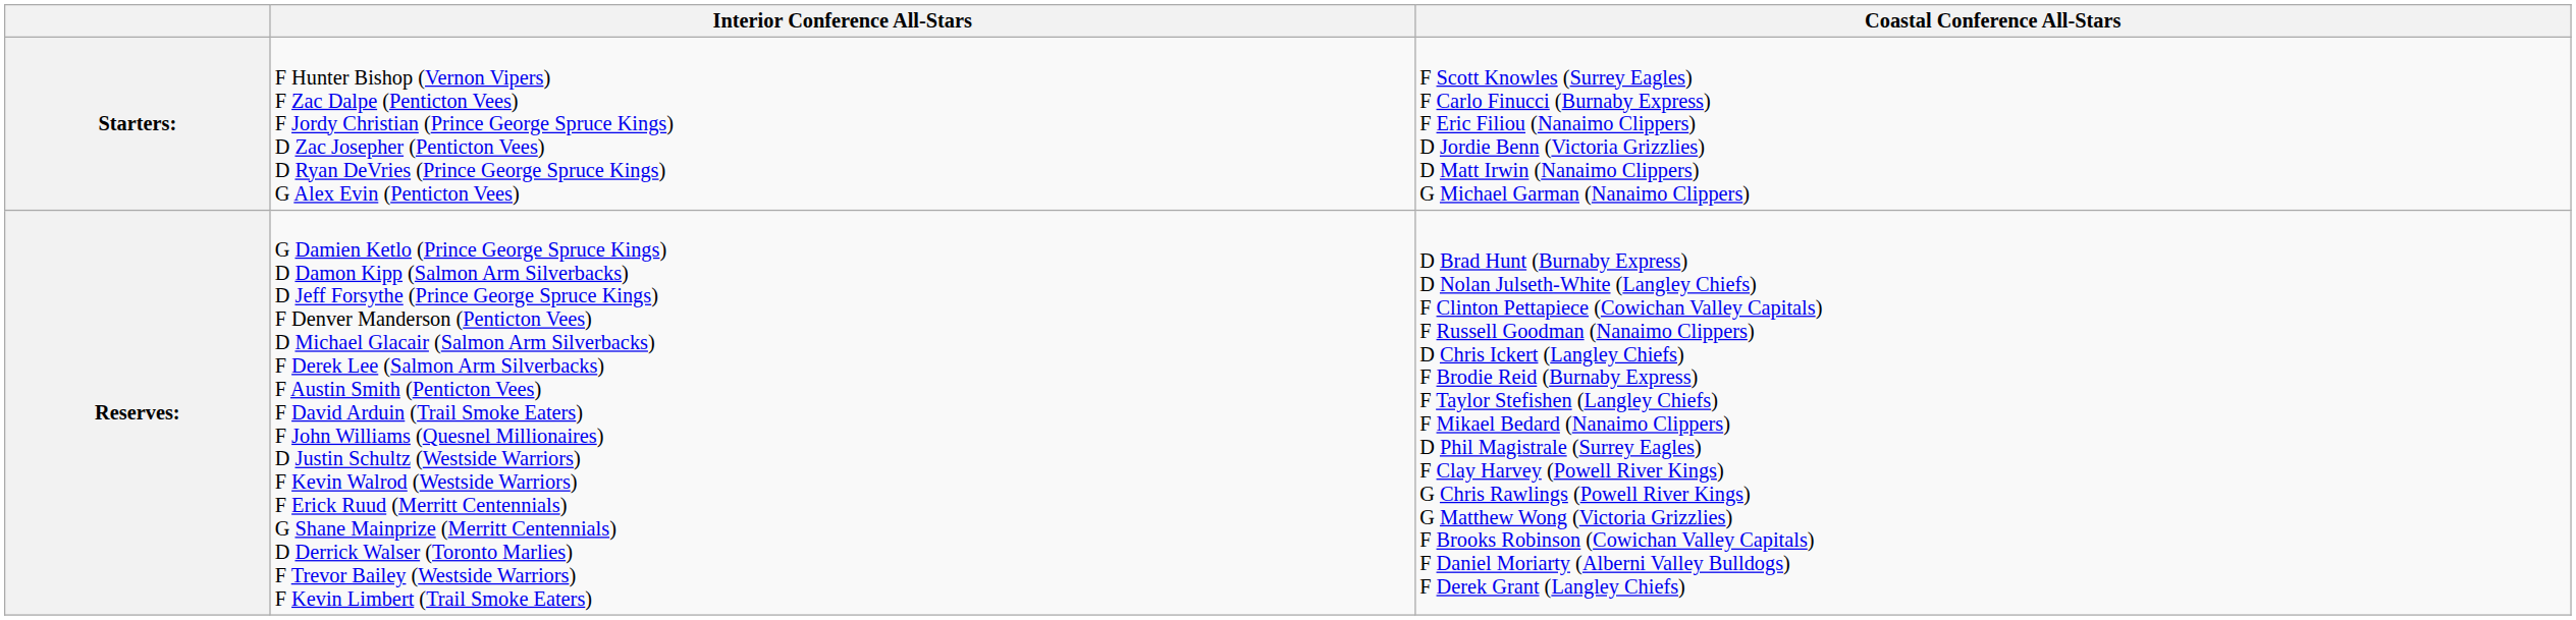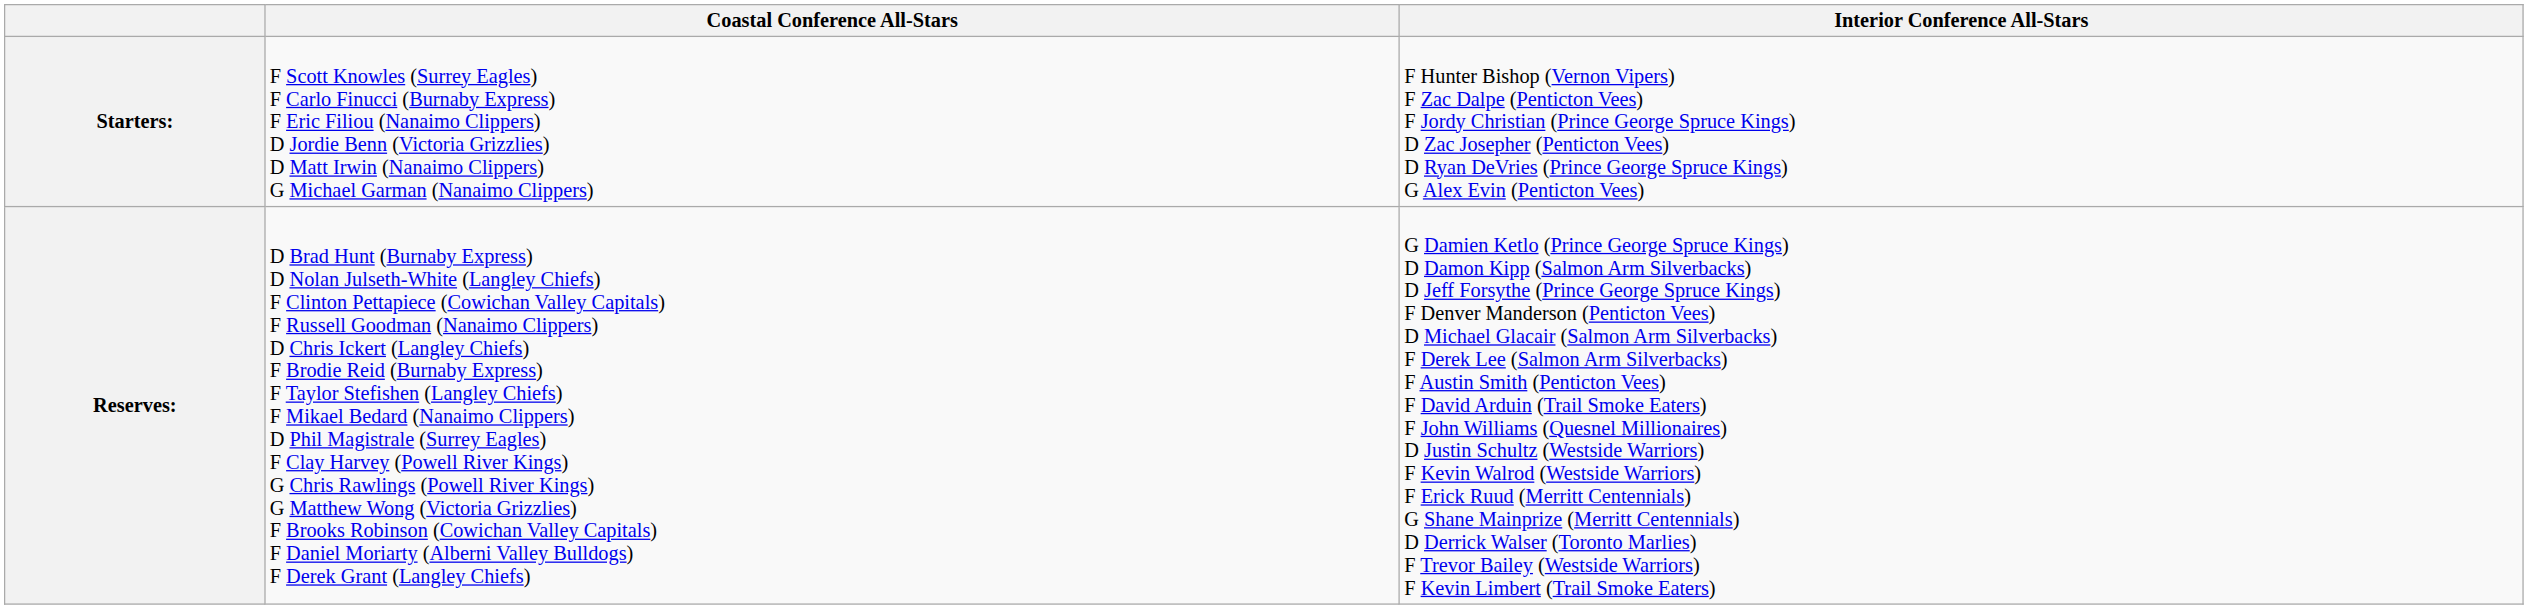 <table class="wikitable" style="width:100%">
 <tr>
 <th></th>
+<th>Coastal Conference All-Stars</th>
 <th>Interior Conference All-Stars</th>
-<th>Coastal Conference All-Stars</th>
 </tr>
 <tr>
 <th>Starters:</th>
+<td><br>F <a href='#'>Scott Knowles</a> (<a href='#'>Surrey Eagles</a>)<br> F <a href='#'>Carlo Finucci</a> (<a href='#'>Burnaby Express</a>)<br> F <a href='#'>Eric Filiou</a> (<a href='#'>Nanaimo Clippers</a>)<br> D <a href='#'>Jordie Benn</a> (<a href='#'>Victoria Grizzlies</a>)<br> D <a href='#'>Matt Irwin</a> (<a href='#'>Nanaimo Clippers</a>)<br> G <a href='#'>Michael Garman</a> (<a href='#'>Nanaimo Clippers</a>)</td>
 <td><br>F Hunter Bishop (<a href='#'>Vernon Vipers</a>)<br> F <a href='#'>Zac Dalpe</a> (<a href='#'>Penticton Vees</a>)<br> F <a href='#'>Jordy Christian</a> (<a href='#'>Prince George Spruce Kings</a>)<br> D <a href='#'>Zac Josepher</a> (<a href='#'>Penticton Vees</a>)<br> D <a href='#'>Ryan DeVries</a> (<a href='#'>Prince George Spruce Kings</a>)<br> G <a href='#'>Alex Evin</a> (<a href='#'>Penticton Vees</a>)<br></td>
-<td><br>F <a href='#'>Scott Knowles</a> (<a href='#'>Surrey Eagles</a>)<br> F <a href='#'>Carlo Finucci</a> (<a href='#'>Burnaby Express</a>)<br> F <a href='#'>Eric Filiou</a> (<a href='#'>Nanaimo Clippers</a>)<br> D <a href='#'>Jordie Benn</a> (<a href='#'>Victoria Grizzlies</a>)<br> D <a href='#'>Matt Irwin</a> (<a href='#'>Nanaimo Clippers</a>)<br> G <a href='#'>Michael Garman</a> (<a href='#'>Nanaimo Clippers</a>)</td>
 </tr>
 <tr>
 <th>Reserves:</th>
+<td><br>D <a href='#'>Brad Hunt</a> (<a href='#'>Burnaby Express</a>)<br> D <a href='#'>Nolan Julseth-White</a> (<a href='#'>Langley Chiefs</a>)<br> F <a href='#'>Clinton Pettapiece</a> (<a href='#'>Cowichan Valley Capitals</a>)<br> F <a href='#'>Russell Goodman</a> (<a href='#'>Nanaimo Clippers</a>)<br> D <a href='#'>Chris Ickert</a> (<a href='#'>Langley Chiefs</a>)<br> F <a href='#'>Brodie Reid</a> (<a href='#'>Burnaby Express</a>)<br> F <a href='#'>Taylor Stefishen</a> (<a href='#'>Langley Chiefs</a>)<br> F <a href='#'>Mikael Bedard</a> (<a href='#'>Nanaimo Clippers</a>)<br> D <a href='#'>Phil Magistrale</a> (<a href='#'>Surrey Eagles</a>)<br> F <a href='#'>Clay Harvey</a> (<a href='#'>Powell River Kings</a>)<br> G <a href='#'>Chris Rawlings</a> (<a href='#'>Powell River Kings</a>)<br> G <a href='#'>Matthew Wong</a> (<a href='#'>Victoria Grizzlies</a>)<br> F <a href='#'>Brooks Robinson</a> (<a href='#'>Cowichan Valley Capitals</a>)<br> F <a href='#'>Daniel Moriarty</a> (<a href='#'>Alberni Valley Bulldogs</a>)<br> F <a href='#'>Derek Grant</a>  (<a href='#'>Langley Chiefs</a>)<br></td>
 <td><br>G <a href='#'>Damien Ketlo</a> (<a href='#'>Prince George Spruce Kings</a>)<br> D <a href='#'>Damon Kipp</a> (<a href='#'>Salmon Arm Silverbacks</a>)<br> D <a href='#'>Jeff Forsythe</a> (<a href='#'>Prince George Spruce Kings</a>)<br> F Denver Manderson (<a href='#'>Penticton Vees</a>)<br> D <a href='#'>Michael Glacair</a> (<a href='#'>Salmon Arm Silverbacks</a>)<br> F <a href='#'>Derek Lee</a> (<a href='#'>Salmon Arm Silverbacks</a>)<br> F <a href='#'>Austin Smith</a> (<a href='#'>Penticton Vees</a>)<br> F <a href='#'>David Arduin</a> (<a href='#'>Trail Smoke Eaters</a>)<br> F <a href='#'>John Williams</a> (<a href='#'>Quesnel Millionaires</a>)<br> D <a href='#'>Justin Schultz</a> (<a href='#'>Westside Warriors</a>)<br> F <a href='#'>Kevin Walrod</a> (<a href='#'>Westside Warriors</a>)<br> F <a href='#'>Erick Ruud</a> (<a href='#'>Merritt Centennials</a>)<br> G <a href='#'>Shane Mainprize</a> (<a href='#'>Merritt Centennials</a>)<br> D <a href='#'>Derrick Walser</a> (<a href='#'>Toronto Marlies</a>)<br> F <a href='#'>Trevor Bailey</a> (<a href='#'>Westside Warriors</a>)<br> F <a href='#'>Kevin Limbert</a> (<a href='#'>Trail Smoke Eaters</a>)</td>
-<td><br>D <a href='#'>Brad Hunt</a> (<a href='#'>Burnaby Express</a>)<br> D <a href='#'>Nolan Julseth-White</a> (<a href='#'>Langley Chiefs</a>)<br> F <a href='#'>Clinton Pettapiece</a> (<a href='#'>Cowichan Valley Capitals</a>)<br> F <a href='#'>Russell Goodman</a> (<a href='#'>Nanaimo Clippers</a>)<br> D <a href='#'>Chris Ickert</a> (<a href='#'>Langley Chiefs</a>)<br> F <a href='#'>Brodie Reid</a> (<a href='#'>Burnaby Express</a>)<br> F <a href='#'>Taylor Stefishen</a> (<a href='#'>Langley Chiefs</a>)<br> F <a href='#'>Mikael Bedard</a> (<a href='#'>Nanaimo Clippers</a>)<br> D <a href='#'>Phil Magistrale</a> (<a href='#'>Surrey Eagles</a>)<br> F <a href='#'>Clay Harvey</a> (<a href='#'>Powell River Kings</a>)<br> G <a href='#'>Chris Rawlings</a> (<a href='#'>Powell River Kings</a>)<br> G <a href='#'>Matthew Wong</a> (<a href='#'>Victoria Grizzlies</a>)<br> F <a href='#'>Brooks Robinson</a> (<a href='#'>Cowichan Valley Capitals</a>)<br> F <a href='#'>Daniel Moriarty</a> (<a href='#'>Alberni Valley Bulldogs</a>)<br> F <a href='#'>Derek Grant</a>  (<a href='#'>Langley Chiefs</a>)<br></td>
 </tr>
 </table>
